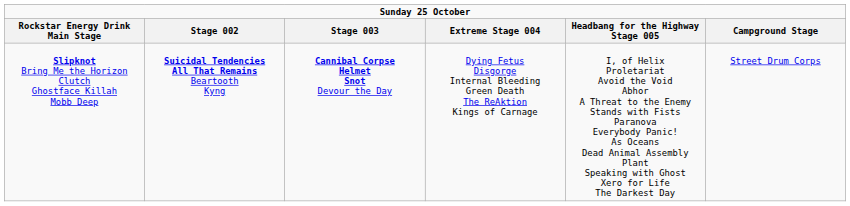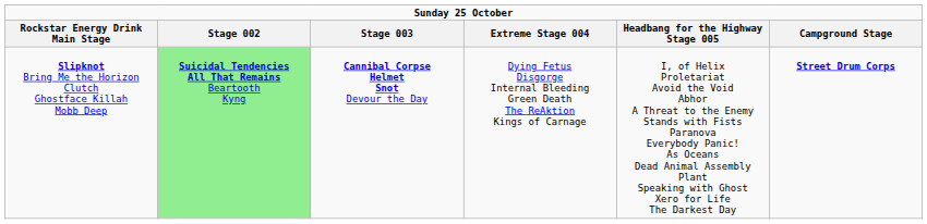 <table class="wikitable">
 <tr>
 <td colspan="6" style="text-align:center;"><strong>Sunday 25 October</strong></td>
 </tr>
 <tr>
 <th>Rockstar Energy Drink Main Stage</th>
 <th>Stage 002</th>
 <th>Stage 003</th>
 <th>Extreme Stage 004</th>
 <th>Headbang for the Highway Stage 005</th>
 <th>Campground Stage</th>
 </tr>
 <tr>
 <td style="text-align:center; vertical-align:top; width:200px;"><br><strong><a href='#'>Slipknot</a></strong><br> <a href='#'>Bring Me the Horizon</a><br> <a href='#'>Clutch</a><br> <a href='#'>Ghostface Killah</a><br> <a href='#'>Mobb Deep</a><br></td>
-<td style="text-align:center; vertical-align:top; width:200px;"><br><strong><a href='#'>Suicidal Tendencies</a></strong><br> <strong><a href='#'>All That Remains</a></strong><br> <a href='#'>Beartooth</a><br> <a href='#'>Kyng</a><br></td>
+<td style="background: lightgreen; text-align:center; vertical-align:top; width:200px;"><br><strong><a href='#'>Suicidal Tendencies</a></strong><br> <strong><a href='#'>All That Remains</a></strong><br> <a href='#'>Beartooth</a><br> <a href='#'>Kyng</a><br></td>
 <td style="text-align:center; vertical-align:top; width:200px;"><br><strong><a href='#'>Cannibal Corpse</a></strong><br> <strong><a href='#'>Helmet</a></strong><br> <strong><a href='#'>Snot</a></strong><br> <a href='#'>Devour the Day</a><br></td>
 <td style="text-align:center; vertical-align:top; width:200px;"><br><a href='#'>Dying Fetus</a><br> <a href='#'>Disgorge</a><br> Internal Bleeding<br> Green Death<br> <a href='#'>The ReAktion</a><br> Kings of Carnage<br></td>
 <td style="text-align:center; vertical-align:top; width:200px;"><br>I, of Helix<br> Proletariat<br> Avoid the Void<br> Abhor<br> A Threat to the Enemy<br> Stands with Fists<br> Paranova<br> Everybody Panic!<br> As Oceans<br> Dead Animal Assembly Plant<br> Speaking with Ghost<br> Xero for Life<br> The Darkest Day<br></td>
-<td style="text-align:center; vertical-align:top; width:200px;"><br><a href='#'>Street Drum Corps</a></td>
+<td style="text-align:center; vertical-align:top; width:200px;"><strong><br><a href='#'>Street Drum Corps</a></strong></td>
 </tr>
 </table>
